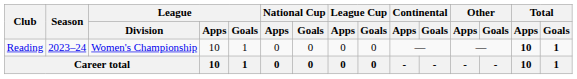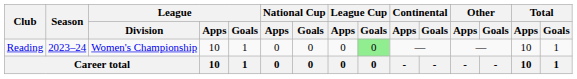 <table class="wikitable" style="text-align:center">
 <tr>
 <th rowspan="2">Club</th>
 <th rowspan="2">Season</th>
 <th colspan="3">League</th>
 <th colspan="2">National Cup</th>
 <th colspan="2">League Cup</th>
 <th colspan="2">Continental</th>
 <th colspan="2">Other</th>
 <th colspan="2">Total</th>
 </tr>
 <tr>
 <th>Division</th>
 <th>Apps</th>
 <th>Goals</th>
 <th>Apps</th>
 <th>Goals</th>
 <th>Apps</th>
 <th>Goals</th>
 <th>Apps</th>
 <th>Goals</th>
 <th>Apps</th>
 <th>Goals</th>
 <th>Apps</th>
 <th>Goals</th>
 </tr>
 <tr>
 <td><a href='#'>Reading</a></td>
 <td><a href='#'>2023–24</a></td>
 <td><a href='#'>Women's Championship</a></td>
 <td>10</td>
 <td>1</td>
 <td>0</td>
 <td>0</td>
 <td>0</td>
-<td>0</td>
+<td style="background: lightgreen;">0</td>
 <td colspan="2">—</td>
 <td colspan="2">—</td>
-<td><strong>10</strong></td>
-<td><strong>1</strong></td>
+<td>10</td>
+<td>1</td>
 </tr>
 <tr>
 <th colspan="3">Career total</th>
 <th>10</th>
 <th>1</th>
 <th>0</th>
 <th>0</th>
 <th>0</th>
 <th>0</th>
 <th>-</th>
 <th>-</th>
 <th>-</th>
 <th>-</th>
 <th>10</th>
 <th>1</th>
 </tr>
 </table>
